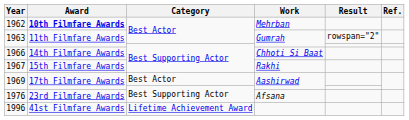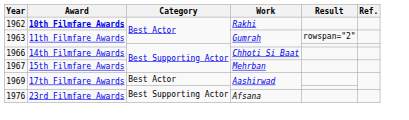 <table class="wikitable">
 <tr>
 <th>Year</th>
 <th>Award</th>
 <th>Category</th>
 <th>Work</th>
 <th>Result</th>
 <th>Ref.</th>
 </tr>
 <tr>
 <td>1962</td>
 <td><strong><a href='#'>10th Filmfare Awards</a></strong></td>
 <td rowspan="2"><a href='#'>Best Actor</a></td>
-<td><em><a href='#'>Mehrban</a></em></td>
+<td><em><a href='#'>Rakhi</a></em></td>
 <td></td>
 <td></td>
 </tr>
 <tr>
 <td rowspan="2">1963</td>
 <td rowspan="2"><a href='#'>11th Filmfare Awards</a></td>
 <td rowspan="2"><em><a href='#'>Gumrah</a></em></td>
 <td>rowspan="2" </td>
 <td></td>
 </tr>
 <tr>
 <td rowspan="3"><a href='#'>Best Supporting Actor</a></td>
 <td></td>
 </tr>
 <tr>
 <td>1966</td>
 <td><a href='#'>14th Filmfare Awards</a></td>
 <td><em><a href='#'>Chhoti Si Baat</a></em></td>
 <td></td>
 <td></td>
 </tr>
 <tr>
 <td>1967</td>
 <td><a href='#'>15th Filmfare Awards</a></td>
-<td><em><a href='#'>Rakhi</a></em></td>
+<td><em><a href='#'>Mehrban</a></em></td>
 <td></td>
 <td></td>
 </tr>
 <tr>
 <td rowspan="2">1969</td>
 <td rowspan="2"><a href='#'>17th Filmfare Awards</a></td>
 <td>Best Actor</td>
 <td rowspan="2"><em><a href='#'>Aashirwad</a></em></td>
 <td></td>
 <td rowspan="2"></td>
 </tr>
 <tr>
 <td rowspan="2">Best Supporting Actor</td>
 <td></td>
 </tr>
 <tr>
 <td>1976</td>
 <td><a href='#'>23rd Filmfare Awards</a></td>
 <td><em>Afsana</em></td>
 <td></td>
 <td></td>
 </tr>
-<tr>
-<td>1996</td>
-<td><a href='#'>41st Filmfare Awards</a></td>
-<td><a href='#'>Lifetime Achievement Award</a></td>
-<td></td>
-<td></td>
-<td></td>
-</tr>
 </table>
